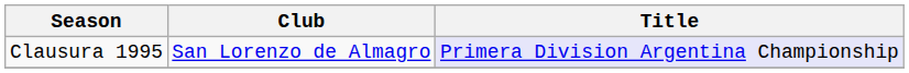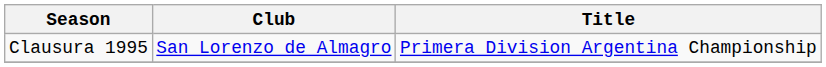 <table class="wikitable" style="text-align: center;">
 <tr>
 <th>Season</th>
 <th>Club</th>
 <th>Title</th>
 </tr>
 <tr>
 <td>Clausura 1995</td>
 <td><a href='#'>San Lorenzo de Almagro</a></td>
-<td style="background: lavender;"><a href='#'>Primera Division Argentina</a> Championship</td>
+<td><a href='#'>Primera Division Argentina</a> Championship</td>
 </tr>
 <tr>
 </tr>
 </table>
